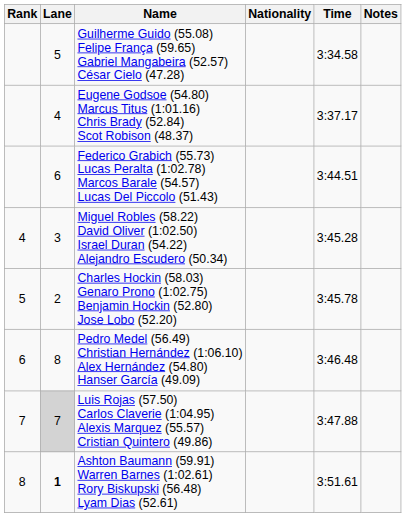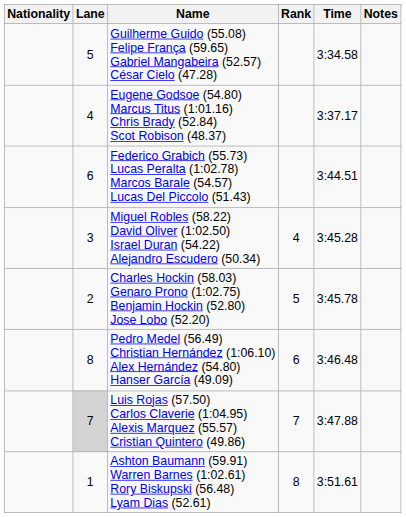 <table class="wikitable sortable" style="text-align:center">
 <tr>
-<th>Rank</th>
+<th>Nationality</th>
 <th>Lane</th>
 <th>Name</th>
-<th>Nationality</th>
+<th>Rank</th>
 <th>Time</th>
 <th>Notes</th>
 </tr>
 <tr>
-<td></td>
+<td align=left></td>
 <td>5</td>
 <td align=left><a href='#'>Guilherme Guido</a> (55.08) <br> <a href='#'>Felipe França</a> (59.65) <br> <a href='#'>Gabriel Mangabeira</a> (52.57) <br> <a href='#'>César Cielo</a> (47.28)</td>
-<td align=left></td>
+<td></td>
 <td>3:34.58</td>
 <td></td>
 </tr>
 <tr>
-<td></td>
+<td align=left></td>
 <td>4</td>
 <td align=left><a href='#'>Eugene Godsoe</a> (54.80) <br> <a href='#'>Marcus Titus</a> (1:01.16) <br> <a href='#'>Chris Brady</a> (52.84) <br> <a href='#'>Scot Robison</a> (48.37)</td>
-<td align=left></td>
+<td></td>
 <td>3:37.17</td>
 <td></td>
 </tr>
 <tr>
-<td></td>
+<td align=left></td>
 <td>6</td>
 <td align=left><a href='#'>Federico Grabich</a> (55.73)<br><a href='#'>Lucas Peralta</a> (1:02.78)<br><a href='#'>Marcos Barale</a> (54.57)<br><a href='#'>Lucas Del Piccolo</a> (51.43)</td>
-<td align=left></td>
+<td></td>
 <td>3:44.51</td>
 <td></td>
 </tr>
 <tr>
-<td>4</td>
+<td align=left></td>
 <td>3</td>
 <td align=left><a href='#'>Miguel Robles</a> (58.22)<br><a href='#'>David Oliver</a> (1:02.50)<br><a href='#'>Israel Duran</a> (54.22)<br><a href='#'>Alejandro Escudero</a> (50.34)</td>
-<td align=left></td>
+<td>4</td>
 <td>3:45.28</td>
 <td></td>
 </tr>
 <tr>
-<td>5</td>
+<td align=left></td>
 <td>2</td>
 <td align=left><a href='#'>Charles Hockin</a> (58.03) <br><a href='#'>Genaro Prono</a> (1:02.75) <br><a href='#'>Benjamin Hockin</a> (52.80) <br><a href='#'>Jose Lobo</a> (52.20)</td>
-<td align=left></td>
+<td>5</td>
 <td>3:45.78</td>
 <td></td>
 </tr>
 <tr>
-<td>6</td>
+<td align=left></td>
 <td>8</td>
 <td align=left><a href='#'>Pedro Medel</a> (56.49)<br><a href='#'>Christian Hernández</a> (1:06.10)<br><a href='#'>Alex Hernández</a> (54.80)<br><a href='#'>Hanser García</a> (49.09)</td>
-<td align=left></td>
+<td>6</td>
 <td>3:46.48</td>
 <td></td>
 </tr>
 <tr>
-<td>7</td>
+<td align=left></td>
 <td style="background: lightgrey;">7</td>
 <td align=left><a href='#'>Luis Rojas</a> (57.50)<br><a href='#'>Carlos Claverie</a> (1:04.95)<br><a href='#'>Alexis Marquez</a> (55.57)<br><a href='#'>Cristian Quintero</a> (49.86)</td>
-<td align=left></td>
+<td>7</td>
 <td>3:47.88</td>
 <td></td>
 </tr>
 <tr>
+<td align=left></td>
+<td>1</td>
+<td align=left><a href='#'>Ashton Baumann</a> (59.91) <br> <a href='#'>Warren Barnes</a> (1:02.61) <br> <a href='#'>Rory Biskupski</a> (56.48) <br> <a href='#'>Lyam Dias</a> (52.61)</td>
 <td>8</td>
-<td><strong>1</strong></td>
-<td align=left><a href='#'>Ashton Baumann</a> (59.91) <br> <a href='#'>Warren Barnes</a> (1:02.61) <br> <a href='#'>Rory Biskupski</a> (56.48) <br> <a href='#'>Lyam Dias</a> (52.61)</td>
-<td align=left></td>
 <td>3:51.61</td>
 <td></td>
 </tr>
 </table>
